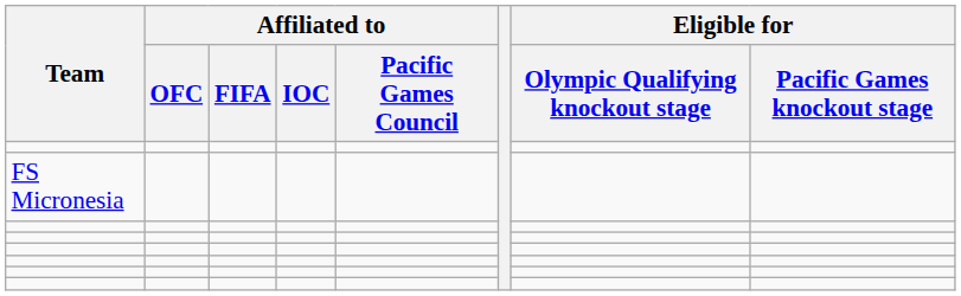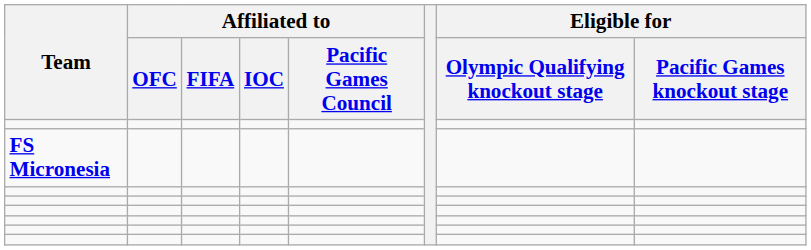 <table class="wikitable">
 <tr>
 <th rowspan="2">Team</th>
 <th colspan="4">Affiliated to</th>
 <th rowspan="10" width=1px></th>
 <th colspan="2">Eligible for</th>
 </tr>
 <tr>
 <th><a href='#'>OFC</a></th>
 <th><a href='#'>FIFA</a></th>
 <th><a href='#'>IOC</a></th>
 <th><a href='#'>Pacific Games Council</a></th>
 <th><a href='#'>Olympic Qualifying knockout stage</a></th>
 <th><a href='#'>Pacific Games knockout stage</a></th>
 </tr>
 <tr>
 <td></td>
 <td></td>
 <td></td>
 <td></td>
 <td></td>
 <td></td>
 <td></td>
 </tr>
 <tr>
-<td> <a href='#'>FS Micronesia</a></td>
+<td><strong> <a href='#'>FS Micronesia</a></strong></td>
 <td></td>
 <td></td>
 <td></td>
 <td></td>
 <td></td>
 <td></td>
 </tr>
 <tr>
 <td></td>
 <td></td>
 <td></td>
 <td></td>
 <td></td>
 <td></td>
 <td></td>
 </tr>
 <tr>
 <td></td>
 <td></td>
 <td></td>
 <td></td>
 <td></td>
 <td></td>
 <td></td>
 </tr>
 <tr>
 <td></td>
 <td></td>
 <td></td>
 <td></td>
 <td></td>
 <td></td>
 <td></td>
 </tr>
 <tr>
 <td></td>
 <td></td>
 <td></td>
 <td></td>
 <td></td>
 <td></td>
 <td></td>
 </tr>
 <tr>
 <td></td>
 <td></td>
 <td></td>
 <td></td>
 <td></td>
 <td></td>
 <td></td>
 </tr>
 <tr>
 <td></td>
 <td></td>
 <td></td>
 <td></td>
 <td></td>
 <td></td>
 <td></td>
 </tr>
 </table>
